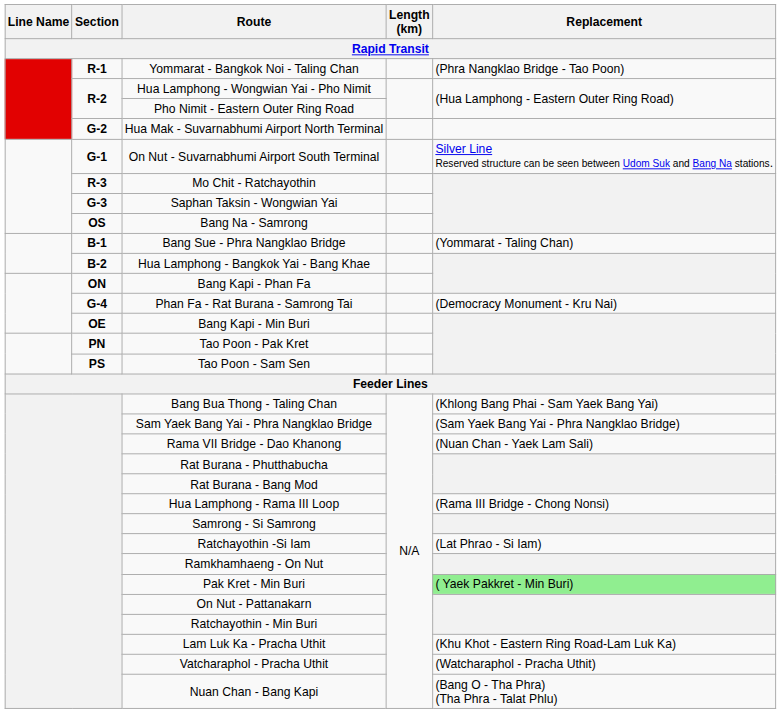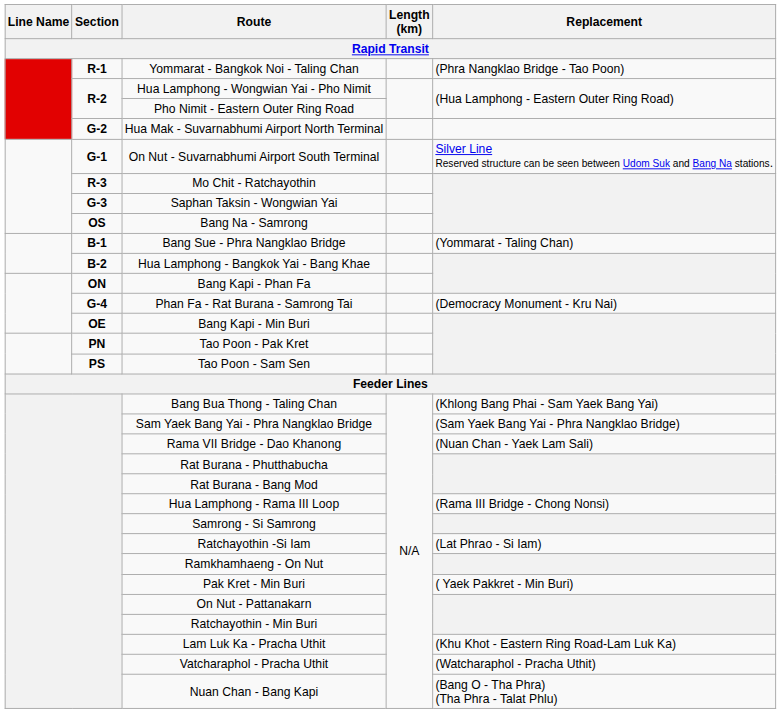 <table class="wikitable" style="margin:auto;font-align:center;text-align:center;font-size:80%;">
 <tr>
 <th>Line Name</th>
 <th>Section</th>
 <th>Route</th>
 <th>Length<br>(km)</th>
 <th>Replacement</th>
 </tr>
 <tr>
 <th colspan="5"><a href='#'>Rapid Transit</a></th>
 </tr>
 <tr>
 <td rowspan="4" style="background:#E20101"><strong><a href='#'></a></strong></td>
 <td><strong>R-1</strong></td>
 <td>Yommarat - Bangkok Noi - Taling Chan</td>
 <td></td>
 <td style="text-align: left;"> (Phra Nangklao Bridge - Tao Poon)</td>
 </tr>
 <tr>
 <td rowspan="2"><strong>R-2</strong></td>
 <td>Hua Lamphong - Wongwian Yai - Pho Nimit</td>
 <td rowspan="2"></td>
 <td rowspan="2" style="text-align: left;"> (Hua Lamphong - Eastern Outer Ring Road)</td>
 </tr>
 <tr>
 <td>Pho Nimit - Eastern Outer Ring Road</td>
 </tr>
 <tr>
 <td><strong>G-2</strong></td>
 <td>Hua Mak - Suvarnabhumi Airport North Terminal</td>
 <td></td>
 <td style="text-align: left;"></td>
 </tr>
 <tr>
 <td rowspan="4" style="background:#"><strong><a href='#'></a></strong></td>
 <td><strong>G-1</strong></td>
 <td>On Nut - Suvarnabhumi Airport South Terminal</td>
 <td></td>
 <td style="text-align: left;"><a href='#'>Silver Line</a><br><small>Reserved structure can be seen between <a href='#'>Udom Suk</a> and <a href='#'>Bang Na</a> stations</small>.</td>
 </tr>
 <tr>
 <td><strong>R-3</strong></td>
 <td>Mo Chit - Ratchayothin</td>
 <td></td>
 <th rowspan="3"></th>
 </tr>
 <tr>
 <td><strong>G-3</strong></td>
 <td>Saphan Taksin - Wongwian Yai</td>
 <td></td>
 </tr>
 <tr>
 <td><strong>OS</strong></td>
 <td>Bang Na - Samrong</td>
 <td></td>
 </tr>
 <tr>
 <td rowspan="2" style="background:#"><strong><a href='#'></a></strong></td>
 <td><strong>B-1</strong></td>
 <td>Bang Sue - Phra Nangklao Bridge</td>
 <td></td>
 <td style="text-align: left;"> (Yommarat - Taling Chan)</td>
 </tr>
 <tr>
 <td><strong>B-2</strong></td>
 <td>Hua Lamphong - Bangkok Yai - Bang Khae</td>
 <td></td>
 <th rowspan="2"></th>
 </tr>
 <tr>
 <td rowspan="3" style="background:#"><strong><a href='#'></a></strong></td>
 <td><strong>ON</strong></td>
 <td>Bang Kapi - Phan Fa</td>
 <td></td>
 </tr>
 <tr>
 <td><strong>G-4</strong></td>
 <td>Phan Fa - Rat Burana - Samrong Tai</td>
 <td></td>
 <td style="text-align: left;"> (Democracy Monument - Kru Nai)</td>
 </tr>
 <tr>
 <td><strong>OE</strong></td>
 <td>Bang Kapi - Min Buri</td>
 <td></td>
 <th rowspan="3"></th>
 </tr>
 <tr>
 <td rowspan="2" style="background:#"><strong><a href='#'></a></strong></td>
 <td><strong>PN</strong></td>
 <td>Tao Poon - Pak Kret</td>
 <td></td>
 </tr>
 <tr>
 <td><strong>PS</strong></td>
 <td>Tao Poon - Sam Sen</td>
 <td></td>
 </tr>
 <tr>
 <th colspan="5">Feeder Lines</th>
 </tr>
 <tr>
 <th colspan="2" rowspan="15"></th>
 <td>Bang Bua Thong - Taling Chan</td>
 <td rowspan="15">N/A</td>
 <td style="text-align: left;"> (Khlong Bang Phai - Sam Yaek Bang Yai)</td>
 </tr>
 <tr>
 <td>Sam Yaek Bang Yai - Phra Nangklao Bridge</td>
 <td style="text-align: left;"> (Sam Yaek Bang Yai - Phra Nangklao Bridge)</td>
 </tr>
 <tr>
 <td>Rama VII Bridge - Dao Khanong</td>
 <td style="text-align: left;"> (Nuan Chan - Yaek Lam Sali)</td>
 </tr>
 <tr>
 <td>Rat Burana - Phutthabucha</td>
 <th rowspan="2"></th>
 </tr>
 <tr>
 <td>Rat Burana - Bang Mod</td>
 </tr>
 <tr>
 <td>Hua Lamphong - Rama III Loop</td>
 <td style="text-align: left;"> (Rama III Bridge - Chong Nonsi)</td>
 </tr>
 <tr>
 <td>Samrong - Si Samrong</td>
 <th></th>
 </tr>
 <tr>
 <td>Ratchayothin -Si Iam</td>
 <td style="text-align: left;"> (Lat Phrao - Si Iam)</td>
 </tr>
 <tr>
 <td>Ramkhamhaeng - On Nut</td>
 <th></th>
 </tr>
 <tr>
 <td>Pak Kret - Min Buri</td>
-<td style="background: lightgreen; text-align: left;"> ( Yaek Pakkret - Min Buri)</td>
+<td style="text-align: left;"> ( Yaek Pakkret - Min Buri)</td>
 </tr>
 <tr>
 <td>On Nut - Pattanakarn</td>
 <th rowspan="2"></th>
 </tr>
 <tr>
 <td>Ratchayothin - Min Buri</td>
 </tr>
 <tr>
 <td>Lam Luk Ka - Pracha Uthit</td>
 <td style="text-align: left;"> (Khu Khot - Eastern Ring Road-Lam Luk Ka)</td>
 </tr>
 <tr>
 <td>Vatcharaphol - Pracha Uthit</td>
 <td style="text-align: left;"> (Watcharaphol - Pracha Uthit)</td>
 </tr>
 <tr>
 <td>Nuan Chan - Bang Kapi</td>
 <td style="text-align: left;"> (Bang O - Tha Phra)<br> (Tha Phra - Talat Phlu)</td>
 </tr>
 </table>
